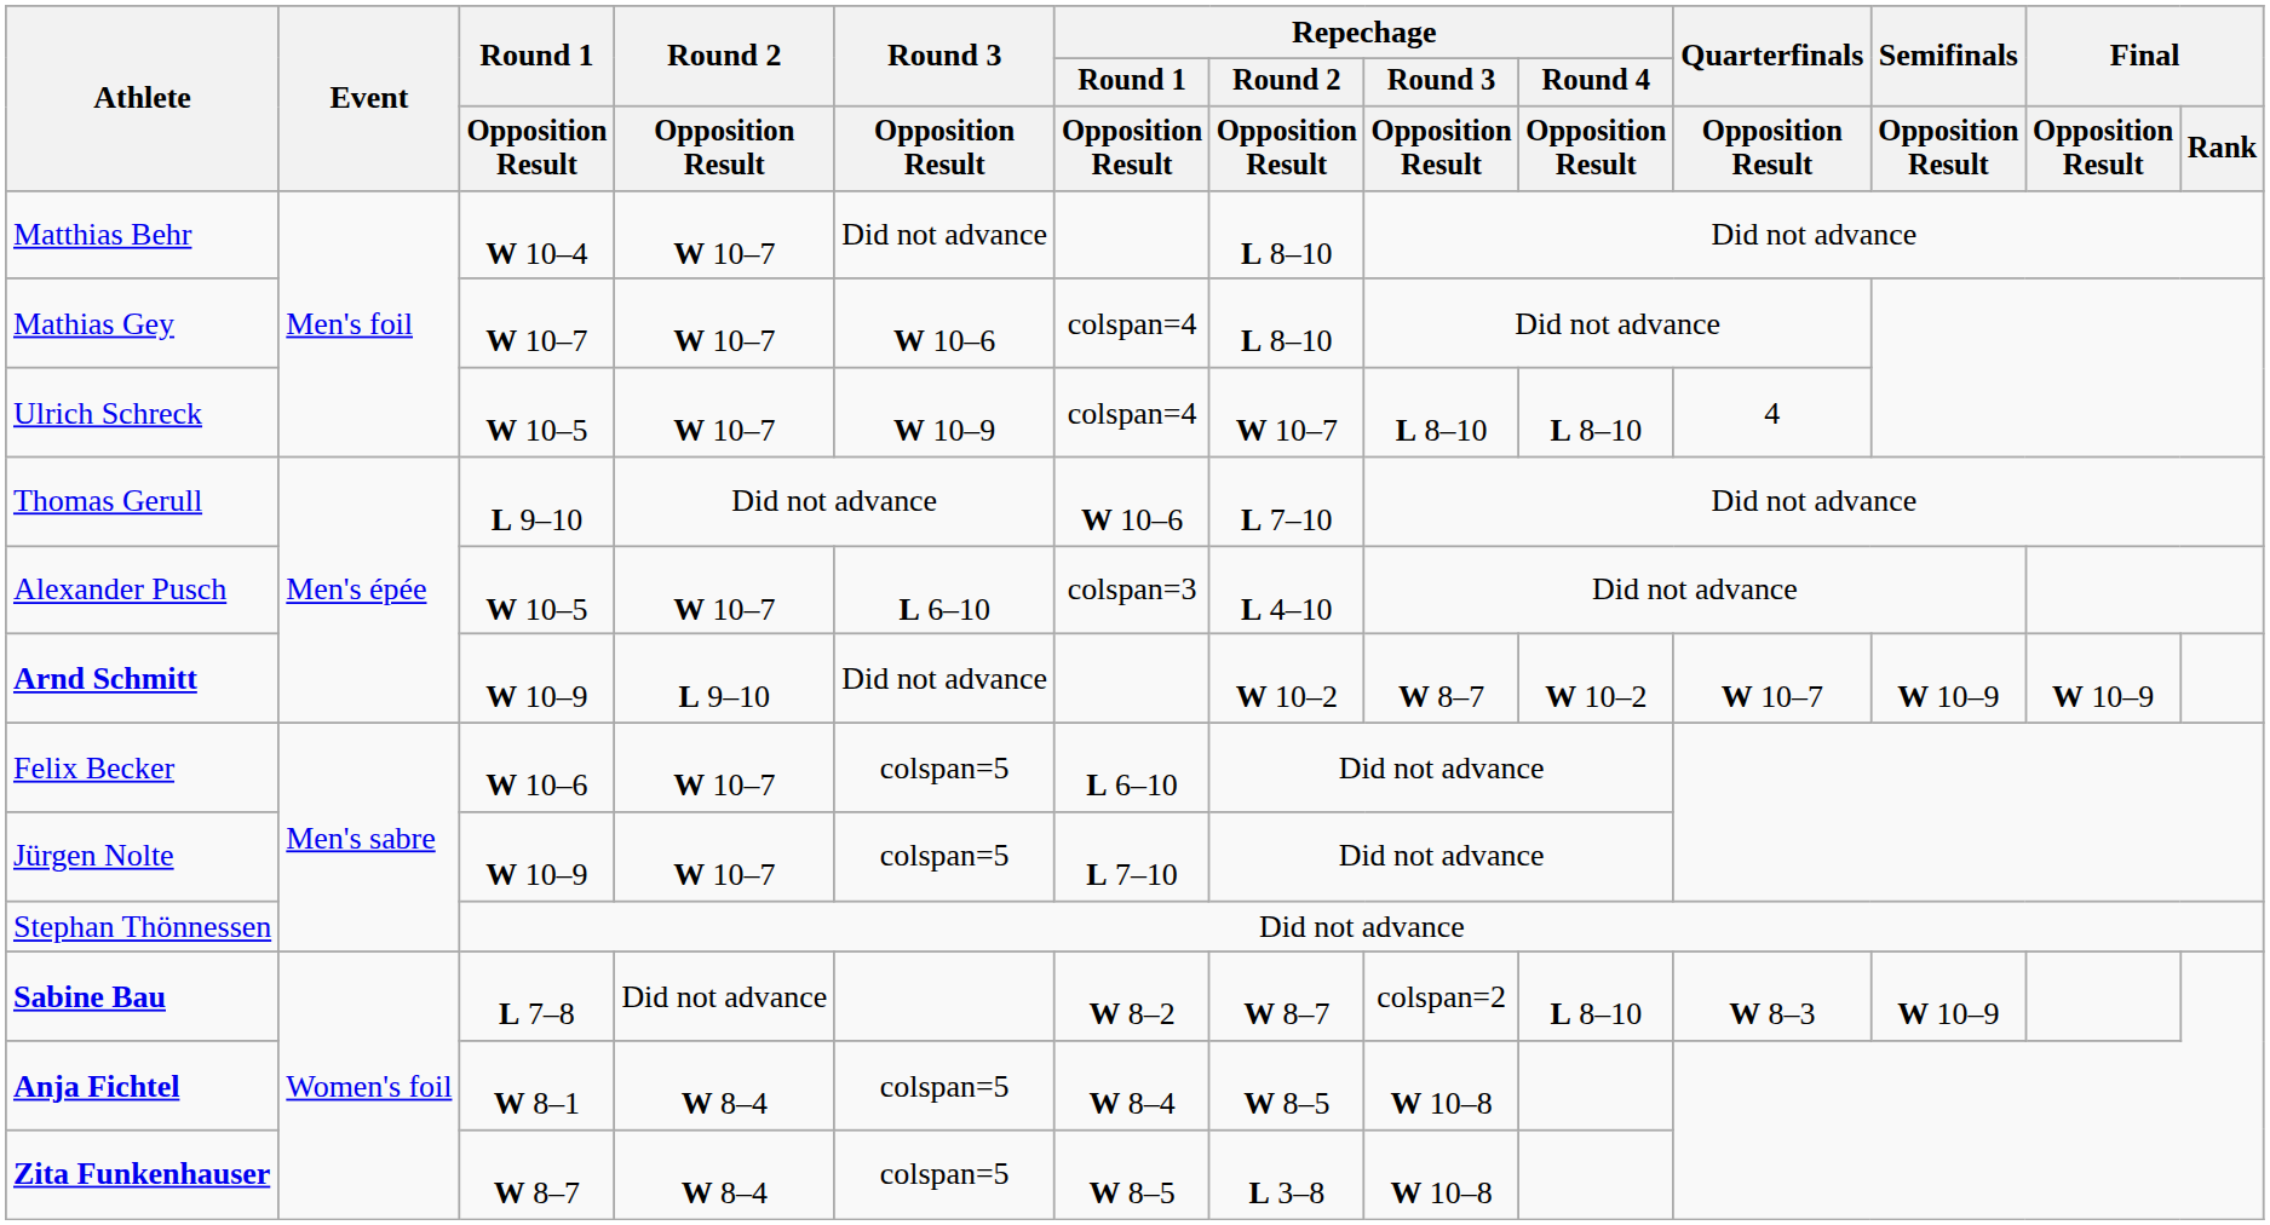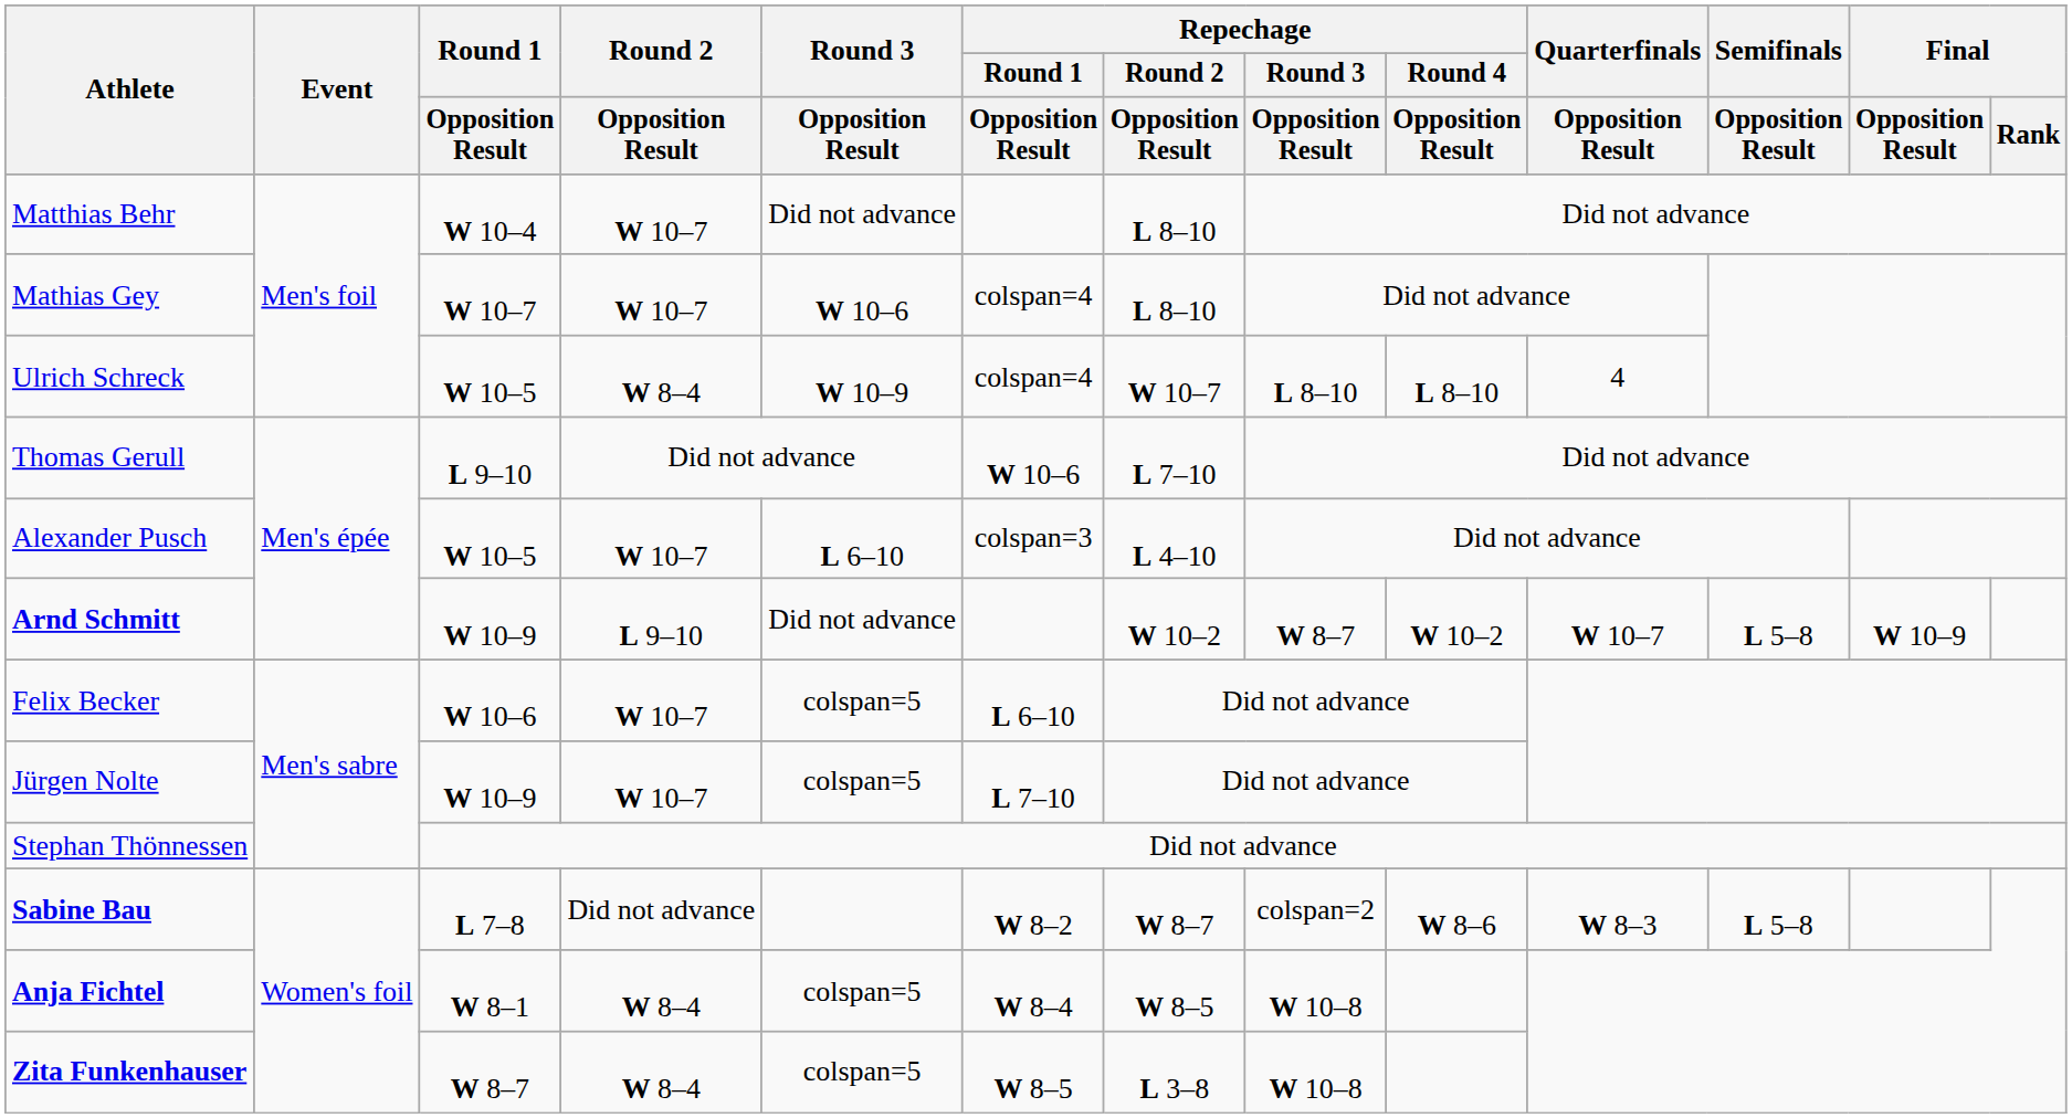 <table class="wikitable" style="font-size:90%">
 <tr>
 <th rowspan="3">Athlete</th>
 <th rowspan="3">Event</th>
 <th rowspan="2">Round 1</th>
 <th rowspan="2">Round 2</th>
 <th rowspan="2">Round 3</th>
 <th colspan=4>Repechage</th>
 <th rowspan="2">Quarterfinals</th>
 <th rowspan="2">Semifinals</th>
 <th rowspan="2" colspan=2>Final</th>
 </tr>
 <tr style="font-size:95%">
 <th>Round 1</th>
 <th>Round 2</th>
 <th>Round 3</th>
 <th>Round 4</th>
 </tr>
 <tr style="font-size:95%">
 <th>Opposition<br>Result</th>
 <th>Opposition<br>Result</th>
 <th>Opposition<br>Result</th>
 <th>Opposition<br>Result</th>
 <th>Opposition<br>Result</th>
 <th>Opposition<br>Result</th>
 <th>Opposition<br>Result</th>
 <th>Opposition<br>Result</th>
 <th>Opposition<br>Result</th>
 <th>Opposition<br>Result</th>
 <th>Rank</th>
 </tr>
 <tr align=center>
 <td align=left><a href='#'>Matthias Behr</a></td>
 <td align=left rowspan=3><a href='#'>Men's foil</a></td>
 <td><br><strong>W</strong> 10–4</td>
 <td><br><strong>W</strong> 10–7</td>
 <td>Did not advance</td>
 <td></td>
 <td><br><strong>L</strong> 8–10</td>
 <td colspan=6>Did not advance</td>
 </tr>
 <tr align=center>
 <td align=left><a href='#'>Mathias Gey</a></td>
 <td><br><strong>W</strong> 10–7</td>
 <td><br><strong>W</strong> 10–7</td>
 <td><br><strong>W</strong> 10–6</td>
 <td>colspan=4</td>
 <td><br><strong>L</strong> 8–10</td>
 <td colspan=3>Did not advance</td>
 </tr>
 <tr align=center>
 <td align=left><a href='#'>Ulrich Schreck</a></td>
 <td><br><strong>W</strong> 10–5</td>
-<td><br><strong>W</strong> 10–7</td>
+<td><br><strong>W</strong> 8–4</td>
 <td><br><strong>W</strong> 10–9</td>
 <td>colspan=4</td>
 <td><br><strong>W</strong> 10–7</td>
 <td><br><strong>L</strong> 8–10</td>
 <td><br><strong>L</strong> 8–10</td>
 <td>4</td>
 </tr>
 <tr align=center>
 <td align=left><a href='#'>Thomas Gerull</a></td>
 <td align=left rowspan=3><a href='#'>Men's épée</a></td>
 <td><br><strong>L</strong> 9–10</td>
 <td colspan=2>Did not advance</td>
 <td><br><strong>W</strong> 10–6</td>
 <td><br><strong>L</strong> 7–10</td>
 <td colspan=6>Did not advance</td>
 </tr>
 <tr align=center>
 <td align=left><a href='#'>Alexander Pusch</a></td>
 <td><br><strong>W</strong> 10–5</td>
 <td><br><strong>W</strong> 10–7</td>
 <td><br><strong>L</strong> 6–10</td>
 <td>colspan=3</td>
 <td><br><strong>L</strong> 4–10</td>
 <td colspan=4>Did not advance</td>
 </tr>
 <tr align=center>
 <td align=left><strong><a href='#'>Arnd Schmitt</a></strong></td>
 <td><br><strong>W</strong> 10–9</td>
 <td><br><strong>L</strong> 9–10</td>
 <td>Did not advance</td>
 <td></td>
 <td><br><strong>W</strong> 10–2</td>
 <td><br><strong>W</strong> 8–7</td>
 <td><br><strong>W</strong> 10–2</td>
 <td><br><strong>W</strong> 10–7</td>
-<td><br><strong>W</strong> 10–9</td>
+<td><br><strong>L</strong> 5–8</td>
 <td><br><strong>W</strong> 10–9</td>
 <td></td>
 </tr>
 <tr align=center>
 <td align=left><a href='#'>Felix Becker</a></td>
 <td align=left rowspan=3><a href='#'>Men's sabre</a></td>
 <td><br><strong>W</strong> 10–6</td>
 <td><br><strong>W</strong> 10–7</td>
 <td>colspan=5</td>
 <td><br><strong>L</strong> 6–10</td>
 <td colspan=3>Did not advance</td>
 </tr>
 <tr align=center>
 <td align=left><a href='#'>Jürgen Nolte</a></td>
 <td><br><strong>W</strong> 10–9</td>
 <td><br><strong>W</strong> 10–7</td>
 <td>colspan=5</td>
 <td><br><strong>L</strong> 7–10</td>
 <td colspan=3>Did not advance</td>
 </tr>
 <tr align=center>
 <td align=left><a href='#'>Stephan Thönnessen</a></td>
 <td colspan=11>Did not advance</td>
 </tr>
 <tr align=center>
 <td align=left><strong><a href='#'>Sabine Bau</a></strong></td>
 <td align=left rowspan=3><a href='#'>Women's foil</a></td>
 <td><br><strong>L</strong> 7–8</td>
 <td>Did not advance</td>
 <td></td>
 <td><br><strong>W</strong> 8–2</td>
 <td><br><strong>W</strong> 8–7</td>
 <td>colspan=2</td>
-<td><br><strong>L</strong> 8–10</td>
+<td><br><strong>W</strong> 8–6</td>
 <td><br><strong>W</strong> 8–3</td>
-<td><br><strong>W</strong> 10–9</td>
+<td><br><strong>L</strong> 5–8</td>
 <td></td>
 </tr>
 <tr align=center>
 <td align=left><strong><a href='#'>Anja Fichtel</a></strong></td>
 <td><br><strong>W</strong> 8–1</td>
 <td><br><strong>W</strong> 8–4</td>
 <td>colspan=5</td>
 <td><br><strong>W</strong> 8–4</td>
 <td><br><strong>W</strong> 8–5</td>
 <td><br><strong>W</strong> 10–8</td>
 <td></td>
 </tr>
 <tr align=center>
 <td align=left><strong><a href='#'>Zita Funkenhauser</a></strong></td>
 <td><br><strong>W</strong> 8–7</td>
 <td><br><strong>W</strong> 8–4</td>
 <td>colspan=5</td>
 <td><br><strong>W</strong> 8–5</td>
 <td><br><strong>L</strong> 3–8</td>
 <td><br><strong>W</strong> 10–8</td>
 <td></td>
 </tr>
 </table>
